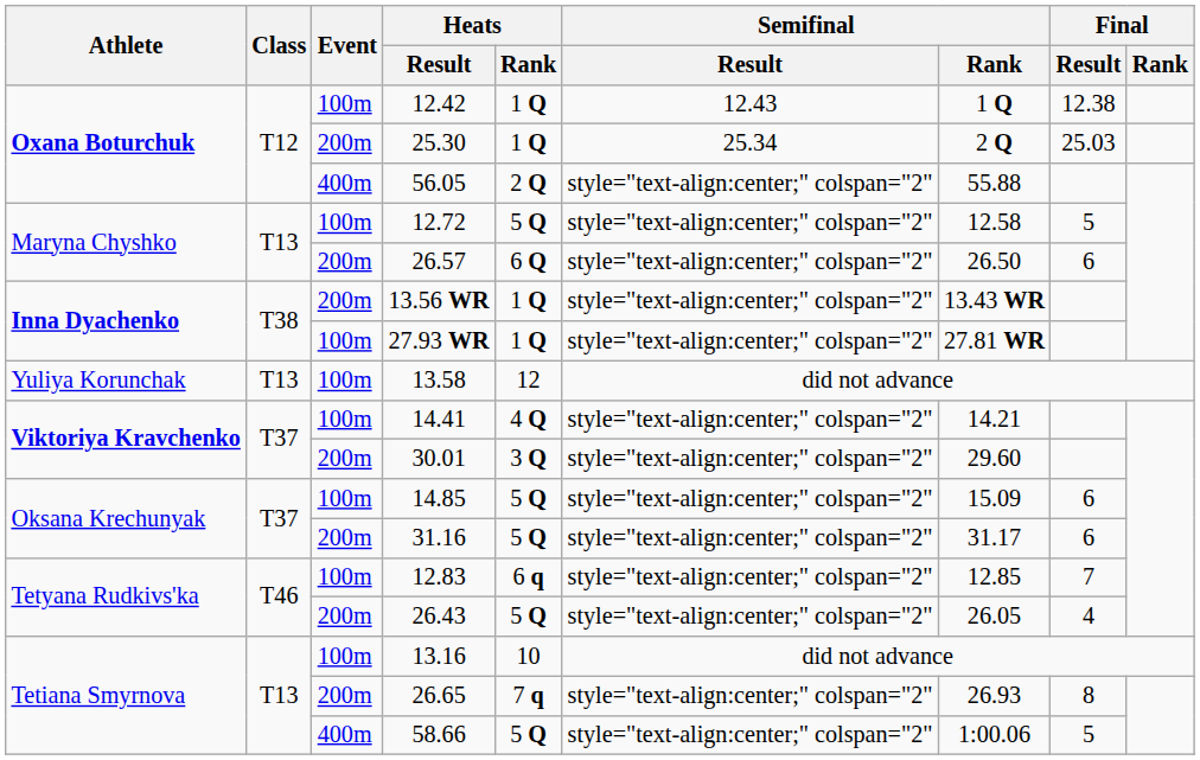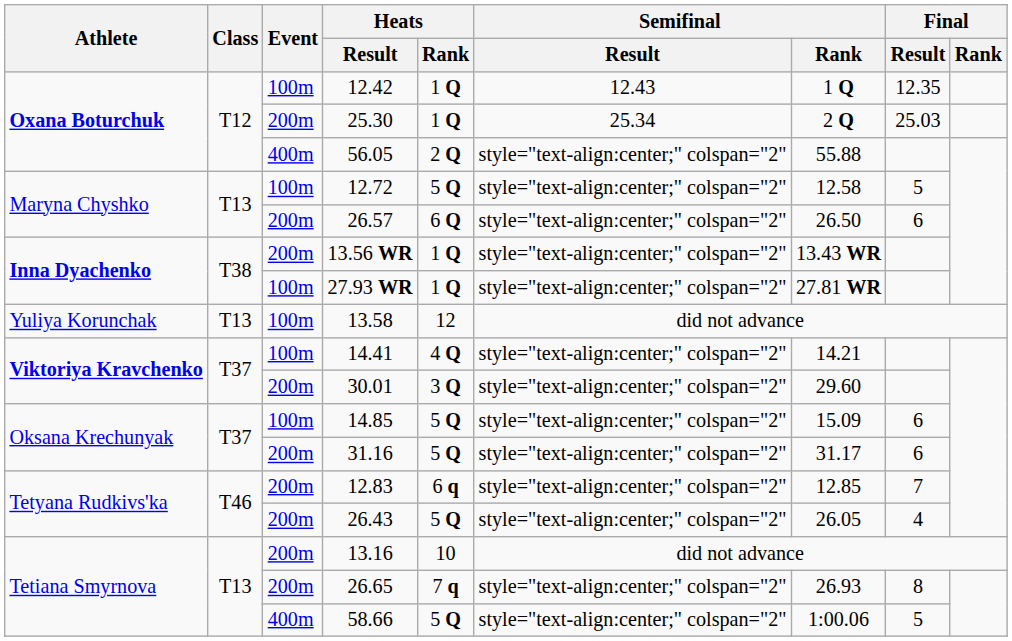 <table class=wikitable style="font-size:90%">
 <tr>
 <th rowspan="2">Athlete</th>
 <th rowspan="2">Class</th>
 <th rowspan="2">Event</th>
 <th colspan="2">Heats</th>
 <th colspan="2">Semifinal</th>
 <th colspan="2">Final</th>
 </tr>
 <tr>
 <th>Result</th>
 <th>Rank</th>
 <th>Result</th>
 <th>Rank</th>
 <th>Result</th>
 <th>Rank</th>
 </tr>
 <tr>
 <td rowspan="3"><strong><a href='#'>Oxana Boturchuk</a></strong></td>
 <td rowspan="3" style="text-align:center;">T12</td>
 <td><a href='#'>100m</a></td>
 <td style="text-align:center;">12.42</td>
 <td style="text-align:center;">1 <strong>Q</strong></td>
 <td style="text-align:center;">12.43</td>
 <td style="text-align:center;">1 <strong>Q</strong></td>
-<td style="text-align:center;">12.38</td>
+<td style="text-align:center;">12.35</td>
 <td style="text-align:center;"></td>
 </tr>
 <tr>
 <td><a href='#'>200m</a></td>
 <td style="text-align:center;">25.30</td>
 <td style="text-align:center;">1 <strong>Q</strong></td>
 <td style="text-align:center;">25.34</td>
 <td style="text-align:center;">2 <strong>Q</strong></td>
 <td style="text-align:center;">25.03</td>
 <td style="text-align:center;"></td>
 </tr>
 <tr>
 <td><a href='#'>400m</a></td>
 <td style="text-align:center;">56.05</td>
 <td style="text-align:center;">2 <strong>Q</strong></td>
 <td>style="text-align:center;" colspan="2" </td>
 <td style="text-align:center;">55.88</td>
 <td style="text-align:center;"></td>
 </tr>
 <tr>
 <td rowspan="2"><a href='#'>Maryna Chyshko</a></td>
 <td rowspan="2" style="text-align:center;">T13</td>
 <td><a href='#'>100m</a></td>
 <td style="text-align:center;">12.72</td>
 <td style="text-align:center;">5 <strong>Q</strong></td>
 <td>style="text-align:center;" colspan="2" </td>
 <td style="text-align:center;">12.58</td>
 <td style="text-align:center;">5</td>
 </tr>
 <tr>
 <td><a href='#'>200m</a></td>
 <td style="text-align:center;">26.57</td>
 <td style="text-align:center;">6 <strong>Q</strong></td>
 <td>style="text-align:center;" colspan="2" </td>
 <td style="text-align:center;">26.50</td>
 <td style="text-align:center;">6</td>
 </tr>
 <tr>
 <td rowspan="2"><strong><a href='#'>Inna Dyachenko</a></strong></td>
 <td rowspan="2" style="text-align:center;">T38</td>
 <td><a href='#'>200m</a></td>
 <td style="text-align:center;">13.56 <strong>WR</strong></td>
 <td style="text-align:center;">1 <strong>Q</strong></td>
 <td>style="text-align:center;" colspan="2" </td>
 <td style="text-align:center;">13.43 <strong>WR</strong></td>
 <td style="text-align:center;"></td>
 </tr>
 <tr>
 <td><a href='#'>100m</a></td>
 <td style="text-align:center;">27.93 <strong>WR</strong></td>
 <td style="text-align:center;">1 <strong>Q</strong></td>
 <td>style="text-align:center;" colspan="2" </td>
 <td style="text-align:center;">27.81 <strong>WR</strong></td>
 <td style="text-align:center;"></td>
 </tr>
 <tr>
 <td><a href='#'>Yuliya Korunchak</a></td>
 <td style="text-align:center;">T13</td>
 <td><a href='#'>100m</a></td>
 <td style="text-align:center;">13.58</td>
 <td style="text-align:center;">12</td>
 <td style="text-align:center;" colspan="4">did not advance</td>
 </tr>
 <tr>
 <td rowspan="2"><strong><a href='#'>Viktoriya Kravchenko</a></strong></td>
 <td rowspan="2" style="text-align:center;">T37</td>
 <td><a href='#'>100m</a></td>
 <td style="text-align:center;">14.41</td>
 <td style="text-align:center;">4 <strong>Q</strong></td>
 <td>style="text-align:center;" colspan="2" </td>
 <td style="text-align:center;">14.21</td>
 <td style="text-align:center;"></td>
 </tr>
 <tr>
 <td><a href='#'>200m</a></td>
 <td style="text-align:center;">30.01</td>
 <td style="text-align:center;">3 <strong>Q</strong></td>
 <td>style="text-align:center;" colspan="2" </td>
 <td style="text-align:center;">29.60</td>
 <td style="text-align:center;"></td>
 </tr>
 <tr>
 <td rowspan="2"><a href='#'>Oksana Krechunyak</a></td>
 <td rowspan="2" style="text-align:center;">T37</td>
 <td><a href='#'>100m</a></td>
 <td style="text-align:center;">14.85</td>
 <td style="text-align:center;">5 <strong>Q</strong></td>
 <td>style="text-align:center;" colspan="2" </td>
 <td style="text-align:center;">15.09</td>
 <td style="text-align:center;">6</td>
 </tr>
 <tr>
 <td><a href='#'>200m</a></td>
 <td style="text-align:center;">31.16</td>
 <td style="text-align:center;">5 <strong>Q</strong></td>
 <td>style="text-align:center;" colspan="2" </td>
 <td style="text-align:center;">31.17</td>
 <td style="text-align:center;">6</td>
 </tr>
 <tr>
 <td rowspan="2"><a href='#'>Tetyana Rudkivs'ka</a></td>
 <td rowspan="2" style="text-align:center;">T46</td>
-<td><a href='#'>100m</a></td>
+<td><a href='#'>200m</a></td>
 <td style="text-align:center;">12.83</td>
 <td style="text-align:center;">6 <strong>q</strong></td>
 <td>style="text-align:center;" colspan="2" </td>
 <td style="text-align:center;">12.85</td>
 <td style="text-align:center;">7</td>
 </tr>
 <tr>
 <td><a href='#'>200m</a></td>
 <td style="text-align:center;">26.43</td>
 <td style="text-align:center;">5 <strong>Q</strong></td>
 <td>style="text-align:center;" colspan="2" </td>
 <td style="text-align:center;">26.05</td>
 <td style="text-align:center;">4</td>
 </tr>
 <tr>
 <td rowspan="3"><a href='#'>Tetiana Smyrnova</a></td>
 <td rowspan="3" style="text-align:center;">T13</td>
-<td><a href='#'>100m</a></td>
+<td><a href='#'>200m</a></td>
 <td style="text-align:center;">13.16</td>
 <td style="text-align:center;">10</td>
 <td style="text-align:center;" colspan="4">did not advance</td>
 </tr>
 <tr>
 <td><a href='#'>200m</a></td>
 <td style="text-align:center;">26.65</td>
 <td style="text-align:center;">7 <strong>q</strong></td>
 <td>style="text-align:center;" colspan="2" </td>
 <td style="text-align:center;">26.93</td>
 <td style="text-align:center;">8</td>
 </tr>
 <tr>
 <td><a href='#'>400m</a></td>
 <td style="text-align:center;">58.66</td>
 <td style="text-align:center;">5 <strong>Q</strong></td>
 <td>style="text-align:center;" colspan="2" </td>
 <td style="text-align:center;">1:00.06</td>
 <td style="text-align:center;">5</td>
 </tr>
 </table>
